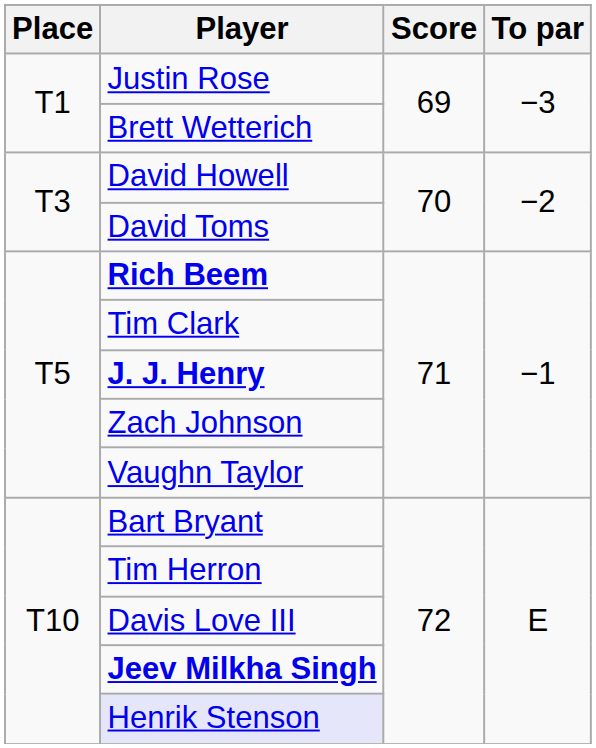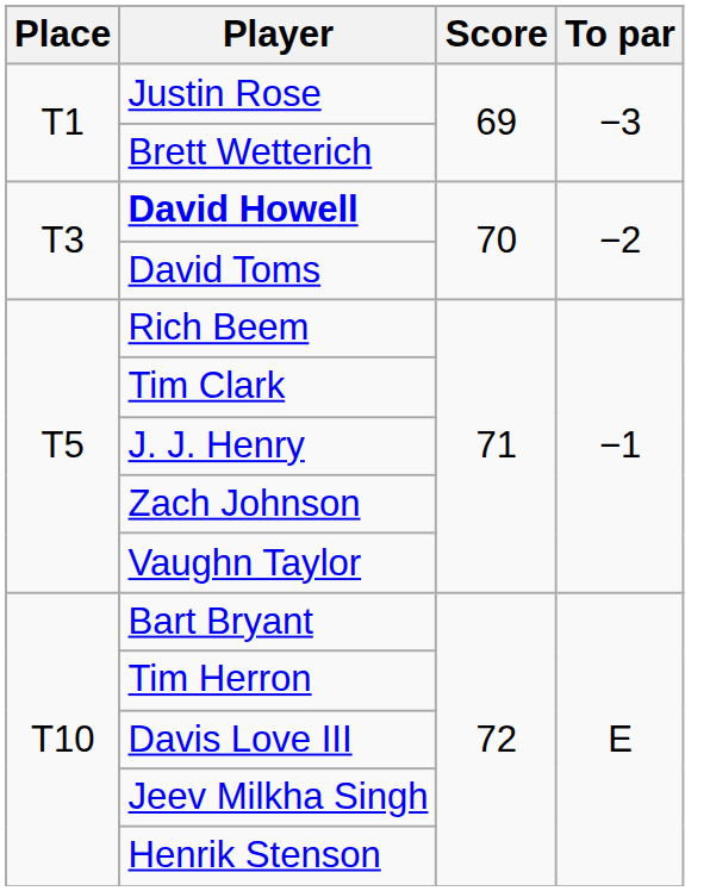 <table class="wikitable">
 <tr>
 <th>Place</th>
 <th>Player</th>
 <th>Score</th>
 <th>To par</th>
 </tr>
 <tr>
 <td rowspan=2 align="center">T1</td>
 <td> <a href='#'>Justin Rose</a></td>
 <td rowspan=2 align="center">69</td>
 <td rowspan=2 align="center">−3</td>
 </tr>
 <tr>
 <td> <a href='#'>Brett Wetterich</a></td>
 </tr>
 <tr>
 <td rowspan=2 align="center">T3</td>
-<td> <a href='#'>David Howell</a></td>
+<td><strong> <a href='#'>David Howell</a></strong></td>
 <td rowspan=2 align="center">70</td>
 <td rowspan=2 align="center">−2</td>
 </tr>
 <tr>
 <td> <a href='#'>David Toms</a></td>
 </tr>
 <tr>
 <td rowspan=5 align="center">T5</td>
-<td><strong> <a href='#'>Rich Beem</a></strong></td>
+<td> <a href='#'>Rich Beem</a></td>
 <td rowspan=5 align="center">71</td>
 <td rowspan=5 align="center">−1</td>
 </tr>
 <tr>
 <td> <a href='#'>Tim Clark</a></td>
 </tr>
 <tr>
-<td><strong> <a href='#'>J. J. Henry</a></strong></td>
+<td> <a href='#'>J. J. Henry</a></td>
 </tr>
 <tr>
 <td> <a href='#'>Zach Johnson</a></td>
 </tr>
 <tr>
 <td> <a href='#'>Vaughn Taylor</a></td>
 </tr>
 <tr>
 <td rowspan=5 align="center">T10</td>
 <td> <a href='#'>Bart Bryant</a></td>
 <td rowspan=5 align="center">72</td>
 <td rowspan=5 align="center">E</td>
 </tr>
 <tr>
 <td> <a href='#'>Tim Herron</a></td>
 </tr>
 <tr>
 <td> <a href='#'>Davis Love III</a></td>
 </tr>
 <tr>
-<td><strong> <a href='#'>Jeev Milkha Singh</a></strong></td>
+<td> <a href='#'>Jeev Milkha Singh</a></td>
 </tr>
 <tr>
-<td style="background: lavender;"> <a href='#'>Henrik Stenson</a></td>
+<td> <a href='#'>Henrik Stenson</a></td>
 </tr>
 </table>
